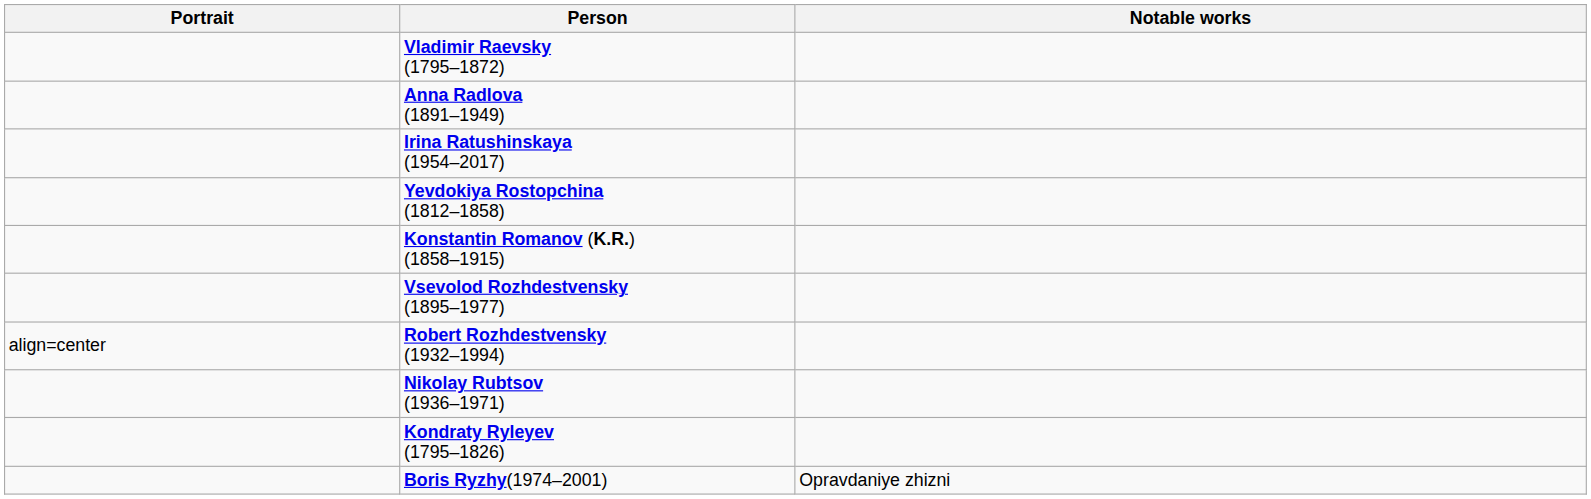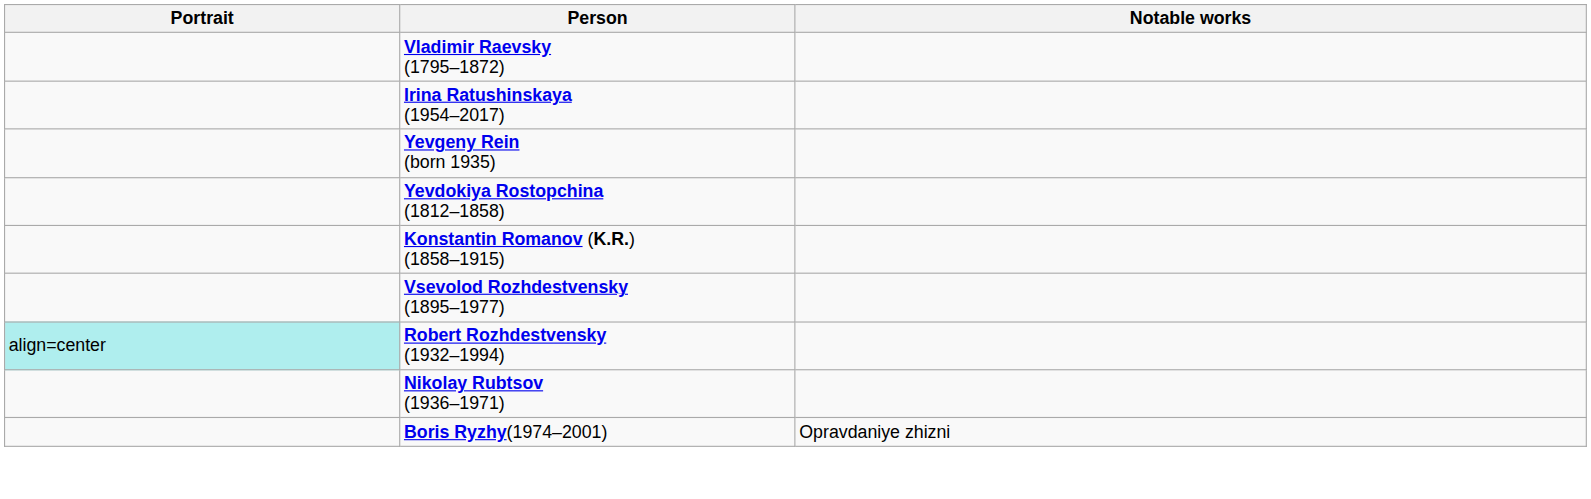 <table class="wikitable" style="width:90%;">
 <tr>
 <th style="width:25%;">Portrait</th>
 <th style="width:25%;">Person</th>
 <th style="width:50%;">Notable works</th>
 </tr>
 <tr>
 <td align=center></td>
 <td><strong><a href='#'>Vladimir Raevsky</a></strong> <br>(1795–1872)</td>
 <td></td>
 </tr>
 <tr>
 <td align=center></td>
-<td><strong><a href='#'>Anna Radlova</a></strong> <br>(1891–1949)</td>
+<td><strong><a href='#'>Irina Ratushinskaya</a></strong><br> (1954–2017)</td>
 <td></td>
 </tr>
 <tr>
 <td align=center></td>
-<td><strong><a href='#'>Irina Ratushinskaya</a></strong><br> (1954–2017)</td>
+<td><strong><a href='#'>Yevgeny Rein</a></strong> <br>(born 1935)</td>
 <td></td>
 </tr>
 <tr>
 <td align=center></td>
 <td><strong><a href='#'>Yevdokiya Rostopchina</a></strong><br> (1812–1858)</td>
 <td></td>
 </tr>
 <tr>
 <td align=center></td>
 <td><strong><a href='#'>Konstantin Romanov</a></strong> (<strong>K.R.</strong>)<br> (1858–1915)</td>
 <td></td>
 </tr>
 <tr>
 <td align=center></td>
 <td><strong><a href='#'>Vsevolod Rozhdestvensky</a></strong> <br>(1895–1977)</td>
 <td></td>
 </tr>
 <tr>
-<td>align=center</td>
+<td style="background: paleturquoise;">align=center</td>
 <td><strong><a href='#'>Robert Rozhdestvensky</a></strong> <br>(1932–1994)</td>
 <td></td>
 </tr>
 <tr>
 <td align=center></td>
 <td><strong><a href='#'>Nikolay Rubtsov</a></strong> <br>(1936–1971)</td>
 <td></td>
 </tr>
 <tr>
-<td align=center></td>
-<td><strong><a href='#'>Kondraty Ryleyev</a></strong> <br>(1795–1826)</td>
-<td></td>
-</tr>
-<tr>
 <td></td>
 <td><strong><a href='#'>Boris Ryzhy</a></strong>(1974–2001)</td>
 <td>Opravdaniye zhizni</td>
 </tr>
 </table>
